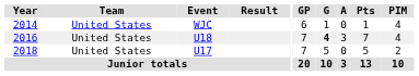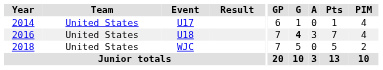 <table border="0" cellpadding="1" cellspacing="0" ID="Table3" style="text-align:center; width:40em;">
 <tr bgcolor="#e0e0e0">
 <th>Year</th>
 <th>Team</th>
 <th>Event</th>
 <th>Result</th>
 <th rowspan="99" bgcolor="#ffffff"></th>
 <th>GP</th>
 <th>G</th>
 <th>A</th>
 <th>Pts</th>
 <th>PIM</th>
 </tr>
 <tr>
 <td><a href='#'>2014</a></td>
 <td><a href='#'>United States</a></td>
-<td><a href='#'>WJC</a></td>
+<td><a href='#'>U17</a></td>
 <td></td>
 <td>6</td>
 <td>1</td>
 <td>0</td>
 <td>1</td>
 <td>4</td>
 </tr>
 <tr bgcolor="#f0f0f0">
 <td><a href='#'>2016</a></td>
 <td>United States</td>
 <td><a href='#'>U18</a></td>
 <td></td>
 <td>7</td>
 <td><strong>4</strong></td>
 <td>3</td>
 <td>7</td>
 <td>4</td>
 </tr>
 <tr>
 <td><a href='#'>2018</a></td>
 <td>United States</td>
-<td><a href='#'>U17</a></td>
+<td><a href='#'>WJC</a></td>
 <td></td>
 <td>7</td>
 <td>5</td>
 <td>0</td>
 <td>5</td>
 <td>2</td>
 </tr>
 <tr bgcolor="#e0e0e0">
 <th colspan="4">Junior totals</th>
 <th>20</th>
 <th>10</th>
 <th>3</th>
 <th>13</th>
 <th>10</th>
 </tr>
 </table>
